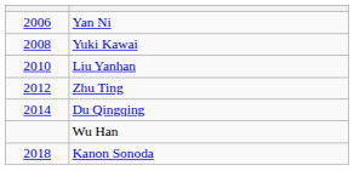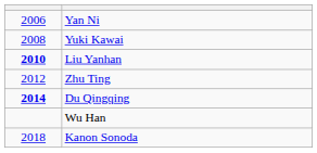 <table class=wikitable style="width: 400px;">
 <tr>
 <th width="40"></th>
 <th width="200"></th>
 </tr>
 <tr>
 <td align=center><a href='#'>2006</a></td>
 <td> <a href='#'>Yan Ni</a></td>
 </tr>
 <tr>
 <td align=center><a href='#'>2008</a></td>
 <td> <a href='#'>Yuki Kawai</a></td>
 </tr>
 <tr>
-<td align=center><a href='#'>2010</a></td>
+<td align=center><strong><a href='#'>2010</a></strong></td>
 <td> <a href='#'>Liu Yanhan</a></td>
 </tr>
 <tr>
 <td align=center><a href='#'>2012</a></td>
 <td> <a href='#'>Zhu Ting</a></td>
 </tr>
 <tr>
-<td align=center><a href='#'>2014</a></td>
+<td align=center><strong><a href='#'>2014</a></strong></td>
 <td> <a href='#'>Du Qingqing</a></td>
 </tr>
 <tr>
 <td align=center></td>
 <td> Wu Han</td>
 </tr>
 <tr>
 <td align=center><a href='#'>2018</a></td>
 <td> <a href='#'>Kanon Sonoda</a></td>
 </tr>
 </table>
